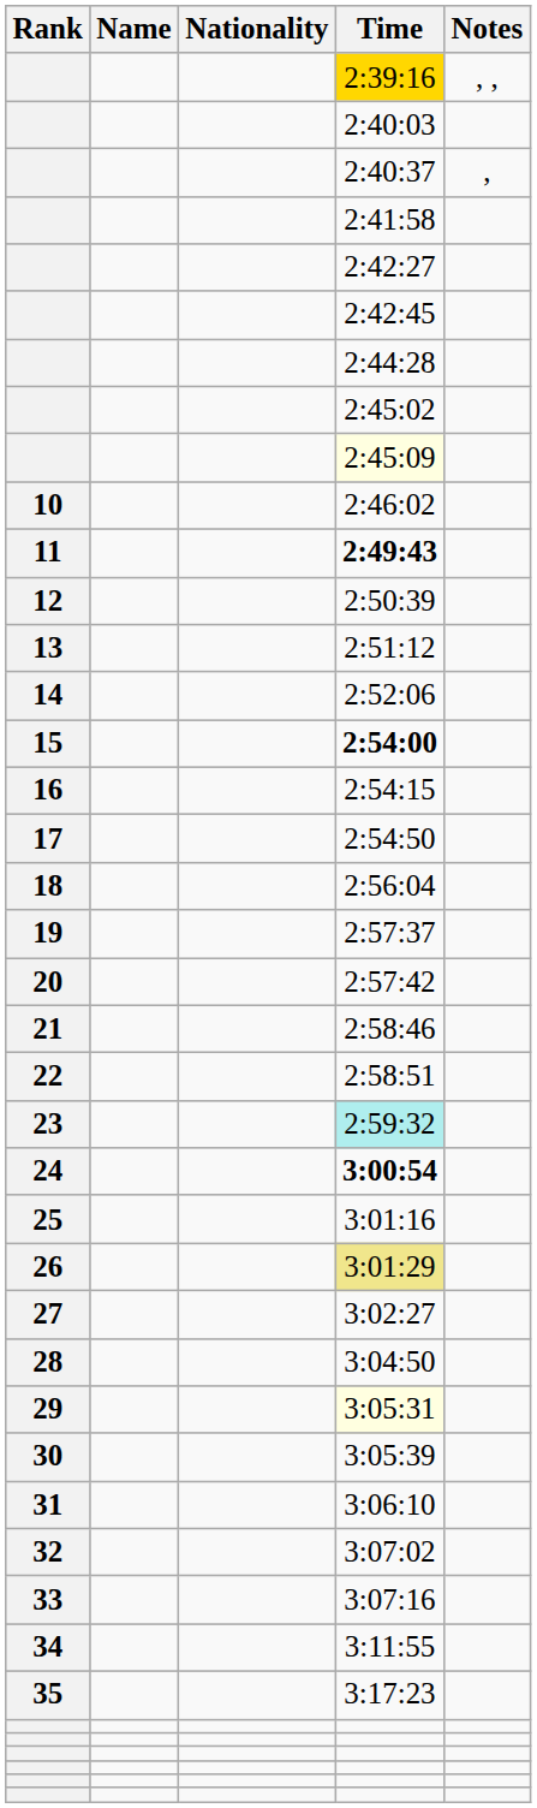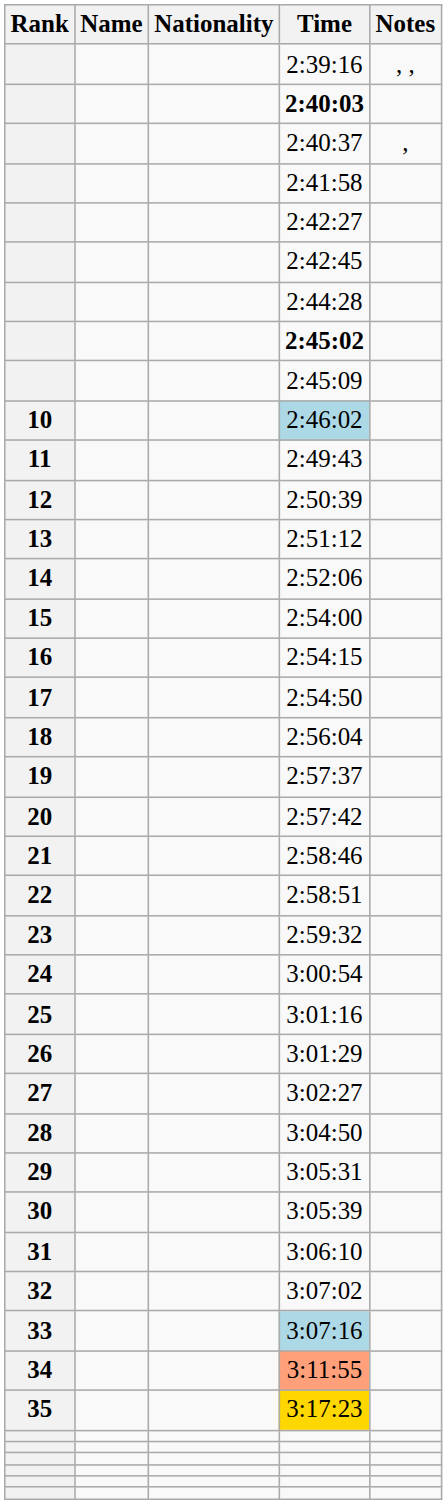 <table class="wikitable sortable" style="text-align:center">
 <tr>
 <th scope="col">Rank</th>
 <th scope="col">Name</th>
 <th scope="col">Nationality</th>
 <th scope="col">Time</th>
 <th scope="col">Notes</th>
 </tr>
 <tr>
 <th scope="row"></th>
 <td align="left"></td>
 <td align="left"></td>
-<td style="background: gold;">2:39:16</td>
+<td>2:39:16</td>
 <td>, , </td>
 </tr>
 <tr>
 <th scope="row"></th>
 <td align="left"></td>
 <td align="left"></td>
-<td>2:40:03</td>
+<td><strong>2:40:03</strong></td>
 <td></td>
 </tr>
 <tr>
 <th scope="row"></th>
 <td align="left"></td>
 <td align="left"></td>
 <td>2:40:37</td>
 <td>, </td>
 </tr>
 <tr>
 <th scope="row"></th>
 <td align="left"></td>
 <td align="left"></td>
 <td>2:41:58</td>
 <td></td>
 </tr>
 <tr>
 <th scope="row"></th>
 <td align="left"></td>
 <td align="left"></td>
 <td>2:42:27</td>
 <td></td>
 </tr>
 <tr>
 <th scope="row"></th>
 <td align="left"></td>
 <td align="left"></td>
 <td>2:42:45</td>
 <td></td>
 </tr>
 <tr>
 <th scope="row"></th>
 <td align="left"></td>
 <td align="left"></td>
 <td>2:44:28</td>
 <td></td>
 </tr>
 <tr>
 <th scope="row"></th>
 <td align="left"></td>
 <td align="left"></td>
-<td>2:45:02</td>
+<td><strong>2:45:02</strong></td>
 <td></td>
 </tr>
 <tr>
 <th scope="row"></th>
 <td align="left"></td>
 <td align="left"></td>
-<td style="background: lightyellow;">2:45:09</td>
+<td>2:45:09</td>
 <td></td>
 </tr>
 <tr>
 <th scope="row">10</th>
 <td align="left"></td>
 <td align="left"></td>
-<td>2:46:02</td>
+<td style="background: lightblue;">2:46:02</td>
 <td></td>
 </tr>
 <tr>
 <th scope="row">11</th>
 <td align="left"></td>
 <td align="left"></td>
-<td><strong>2:49:43</strong></td>
+<td>2:49:43</td>
 <td></td>
 </tr>
 <tr>
 <th scope="row">12</th>
 <td align="left"></td>
 <td align="left"></td>
 <td>2:50:39</td>
 <td></td>
 </tr>
 <tr>
 <th scope="row">13</th>
 <td align="left"></td>
 <td align="left"></td>
 <td>2:51:12</td>
 <td></td>
 </tr>
 <tr>
 <th scope="row">14</th>
 <td align="left"></td>
 <td align="left"></td>
 <td>2:52:06</td>
 <td></td>
 </tr>
 <tr>
 <th scope="row">15</th>
 <td align="left"></td>
 <td align="left"></td>
-<td><strong>2:54:00</strong></td>
+<td>2:54:00</td>
 <td></td>
 </tr>
 <tr>
 <th scope="row">16</th>
 <td align="left"></td>
 <td align="left"></td>
 <td>2:54:15</td>
 <td></td>
 </tr>
 <tr>
 <th scope="row">17</th>
 <td align="left"></td>
 <td align="left"></td>
 <td>2:54:50</td>
 <td></td>
 </tr>
 <tr>
 <th scope="row">18</th>
 <td align="left"></td>
 <td align="left"></td>
 <td>2:56:04</td>
 <td></td>
 </tr>
 <tr>
 <th scope="row">19</th>
 <td align="left"></td>
 <td align="left"></td>
 <td>2:57:37</td>
 <td></td>
 </tr>
 <tr>
 <th scope="row">20</th>
 <td align="left"></td>
 <td align="left"></td>
 <td>2:57:42</td>
 <td></td>
 </tr>
 <tr>
 <th scope="row">21</th>
 <td align="left"></td>
 <td align="left"></td>
 <td>2:58:46</td>
 <td></td>
 </tr>
 <tr>
 <th scope="row">22</th>
 <td align="left"></td>
 <td align="left"></td>
 <td>2:58:51</td>
 <td></td>
 </tr>
 <tr>
 <th scope="row">23</th>
 <td align="left"></td>
 <td align="left"></td>
-<td style="background: paleturquoise;">2:59:32</td>
+<td>2:59:32</td>
 <td></td>
 </tr>
 <tr>
 <th scope="row">24</th>
 <td align="left"></td>
 <td align="left"></td>
-<td><strong>3:00:54</strong></td>
+<td>3:00:54</td>
 <td></td>
 </tr>
 <tr>
 <th scope="row">25</th>
 <td align="left"></td>
 <td align="left"></td>
 <td>3:01:16</td>
 <td></td>
 </tr>
 <tr>
 <th scope="row">26</th>
 <td align="left"></td>
 <td align="left"></td>
-<td style="background: khaki;">3:01:29</td>
+<td>3:01:29</td>
 <td></td>
 </tr>
 <tr>
 <th scope="row">27</th>
 <td align="left"></td>
 <td align="left"></td>
 <td>3:02:27</td>
 <td></td>
 </tr>
 <tr>
 <th scope="row">28</th>
 <td align="left"></td>
 <td align="left"></td>
 <td>3:04:50</td>
 <td></td>
 </tr>
 <tr>
 <th scope="row">29</th>
 <td align="left"></td>
 <td align="left"></td>
-<td style="background: lightyellow;">3:05:31</td>
+<td>3:05:31</td>
 <td></td>
 </tr>
 <tr>
 <th scope="row">30</th>
 <td align="left"></td>
 <td align="left"></td>
 <td>3:05:39</td>
 <td></td>
 </tr>
 <tr>
 <th scope="row">31</th>
 <td align="left"></td>
 <td align="left"></td>
 <td>3:06:10</td>
 <td></td>
 </tr>
 <tr>
 <th scope="row">32</th>
 <td align="left"></td>
 <td align="left"></td>
 <td>3:07:02</td>
 <td></td>
 </tr>
 <tr>
 <th scope="row">33</th>
 <td align="left"></td>
 <td align="left"></td>
-<td>3:07:16</td>
+<td style="background: lightblue;">3:07:16</td>
 <td></td>
 </tr>
 <tr>
 <th scope="row">34</th>
 <td align="left"></td>
 <td align="left"></td>
-<td>3:11:55</td>
+<td style="background: lightsalmon;">3:11:55</td>
 <td></td>
 </tr>
 <tr>
 <th scope="row">35</th>
 <td align="left"></td>
 <td align="left"></td>
-<td>3:17:23</td>
+<td style="background: gold;">3:17:23</td>
 <td></td>
 </tr>
 <tr>
 <th scope="row"></th>
 <td align="left"></td>
 <td align="left"></td>
 <td></td>
 <td></td>
 </tr>
 <tr>
 <th scope="row"></th>
 <td align="left"></td>
 <td align="left"></td>
 <td></td>
 <td></td>
 </tr>
 <tr>
 <th scope="row"></th>
 <td align="left"></td>
 <td align="left"></td>
 <td></td>
 <td></td>
 </tr>
 <tr>
 <th scope="row"></th>
 <td align="left"></td>
 <td align="left"></td>
 <td></td>
 <td></td>
 </tr>
 <tr>
 <th scope="row"></th>
 <td align="left"></td>
 <td align="left"></td>
 <td></td>
 <td></td>
 </tr>
 <tr>
 <th scope="row"></th>
 <td align="left"></td>
 <td align="left"></td>
 <td></td>
 <td></td>
 </tr>
 </table>
